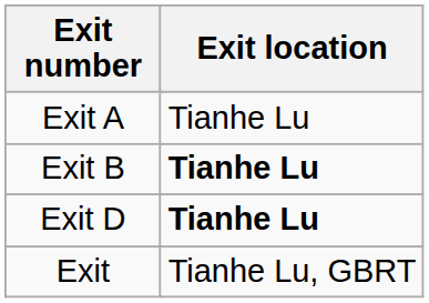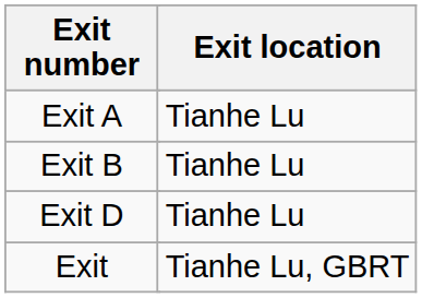 <table class="wikitable">
 <tr>
 <th style="width:70px" colspan="2">Exit number</th>
 <th>Exit location</th>
 </tr>
 <tr>
 <td align="center" colspan="2">Exit A</td>
 <td>Tianhe Lu</td>
 </tr>
 <tr>
 <td align="center" colspan="2">Exit B</td>
-<td><strong>Tianhe Lu</strong></td>
+<td>Tianhe Lu</td>
 </tr>
 <tr>
 <td align="center" colspan="2">Exit D</td>
-<td><strong>Tianhe Lu</strong></td>
+<td>Tianhe Lu</td>
 </tr>
 <tr>
 <td align="center" colspan="2">Exit</td>
 <td>Tianhe Lu, GBRT</td>
 </tr>
 </table>
